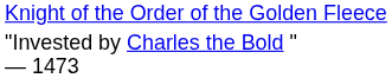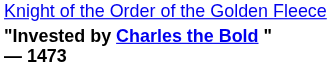 <table>
 <tr>
 <td rowspan=2 style="width:60px; vertical-align:top;"></td>
 <td><a href='#'>Knight of the Order of the Golden Fleece</a></td>
 </tr>
 <tr>
-<td>"Invested by <a href='#'>Charles the Bold</a> "<br>— 1473</td>
+<td><strong>"Invested by <a href='#'>Charles the Bold</a> "<br>— 1473</strong></td>
 </tr>
 </table>
